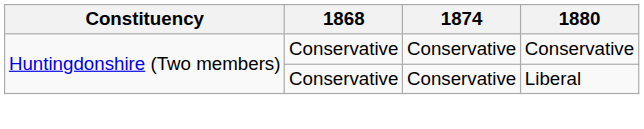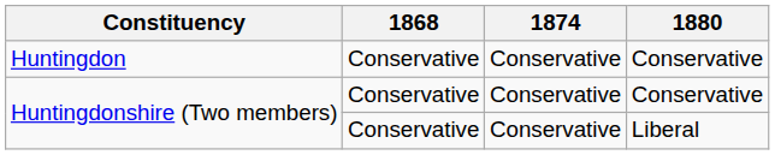 <table class="wikitable">
 <tr>
 <th>Constituency</th>
 <th>1868</th>
 <th>1874</th>
 <th>1880</th>
+</tr>
+<tr>
+<td><a href='#'>Huntingdon</a></td>
+<td>Conservative</td>
+<td>Conservative</td>
+<td>Conservative</td>
 </tr>
 <tr>
 <td rowspan="2"><a href='#'>Huntingdonshire</a> (Two members)</td>
 <td>Conservative</td>
 <td>Conservative</td>
 <td>Conservative</td>
 </tr>
 <tr>
 <td>Conservative</td>
 <td>Conservative</td>
 <td>Liberal</td>
 </tr>
 </table>
